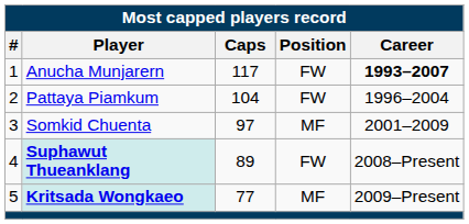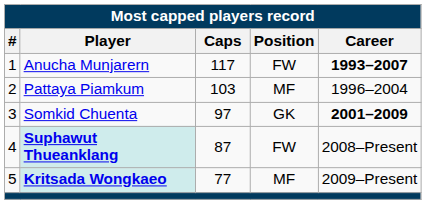 <table class="wikitable" style="text-align: center;">
 <tr>
 <th colspan=5 style="background: #013A5E; color: #FFFFFF;">Most capped players record</th>
 </tr>
 <tr>
 <th>#</th>
 <th width=175px>Player</th>
 <th width=50px>Caps</th>
 <th width=50px>Position</th>
 <th width=100px>Career</th>
 </tr>
 <tr>
 <td>1</td>
 <td style="text-align: left;"><a href='#'>Anucha Munjarern</a></td>
 <td>117</td>
 <td>FW</td>
 <td><strong>1993–2007</strong></td>
 </tr>
 <tr>
 <td>2</td>
 <td style="text-align: left;"><a href='#'>Pattaya Piamkum</a></td>
-<td>104</td>
-<td>FW</td>
+<td>103</td>
+<td>MF</td>
 <td>1996–2004</td>
 </tr>
 <tr>
 <td>3</td>
 <td style="text-align: left;"><a href='#'>Somkid Chuenta</a></td>
 <td>97</td>
-<td>MF</td>
-<td>2001–2009</td>
+<td>GK</td>
+<td><strong>2001–2009</strong></td>
 </tr>
 <tr>
 <td>4</td>
 <td style="text-align: left; background: #CFECEC;"><strong><a href='#'>Suphawut Thueanklang</a></strong></td>
-<td>89</td>
+<td>87</td>
 <td>FW</td>
 <td>2008–Present</td>
 </tr>
 <tr>
 <td>5</td>
 <td style="text-align: left; background: #CFECEC;"><strong><a href='#'>Kritsada Wongkaeo</a></strong></td>
 <td>77</td>
 <td>MF</td>
 <td>2009–Present</td>
 </tr>
 <tr>
 <th colspan=5 style="background: #013A5E; color: #FFFFFF;"></th>
 </tr>
 </table>
